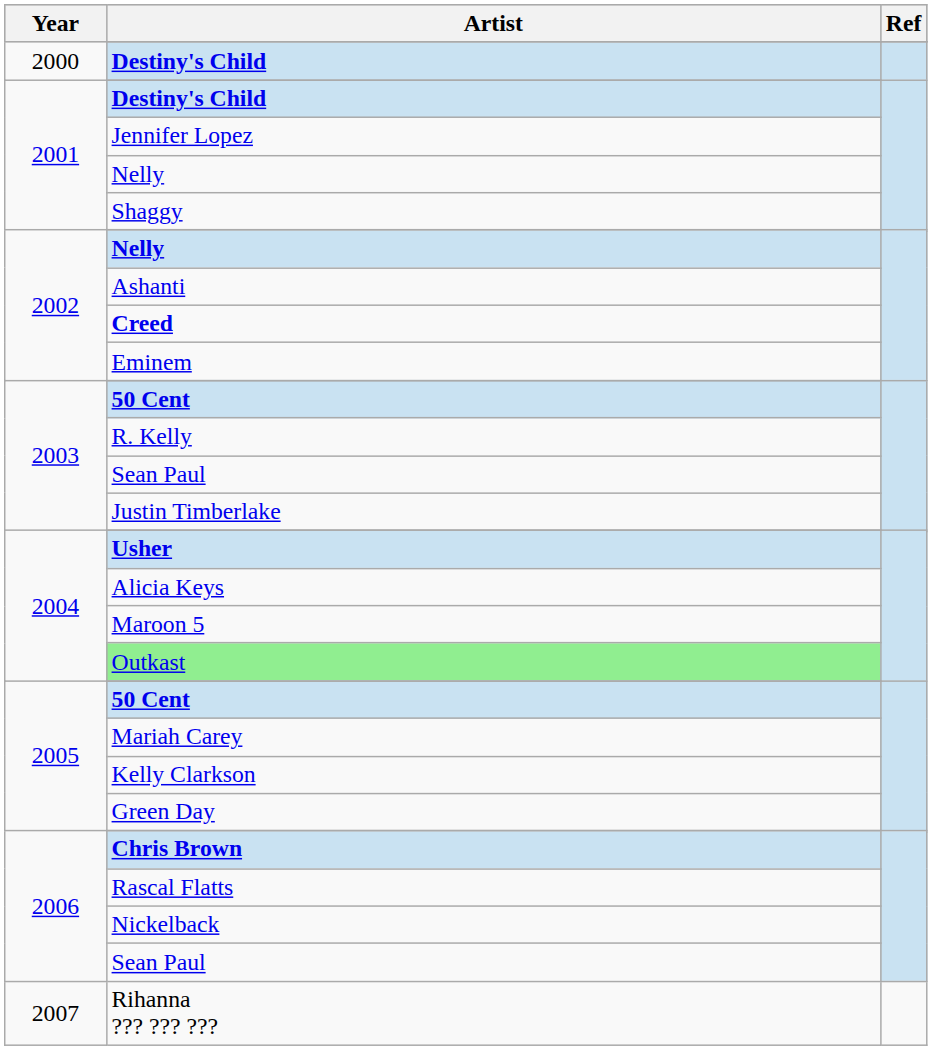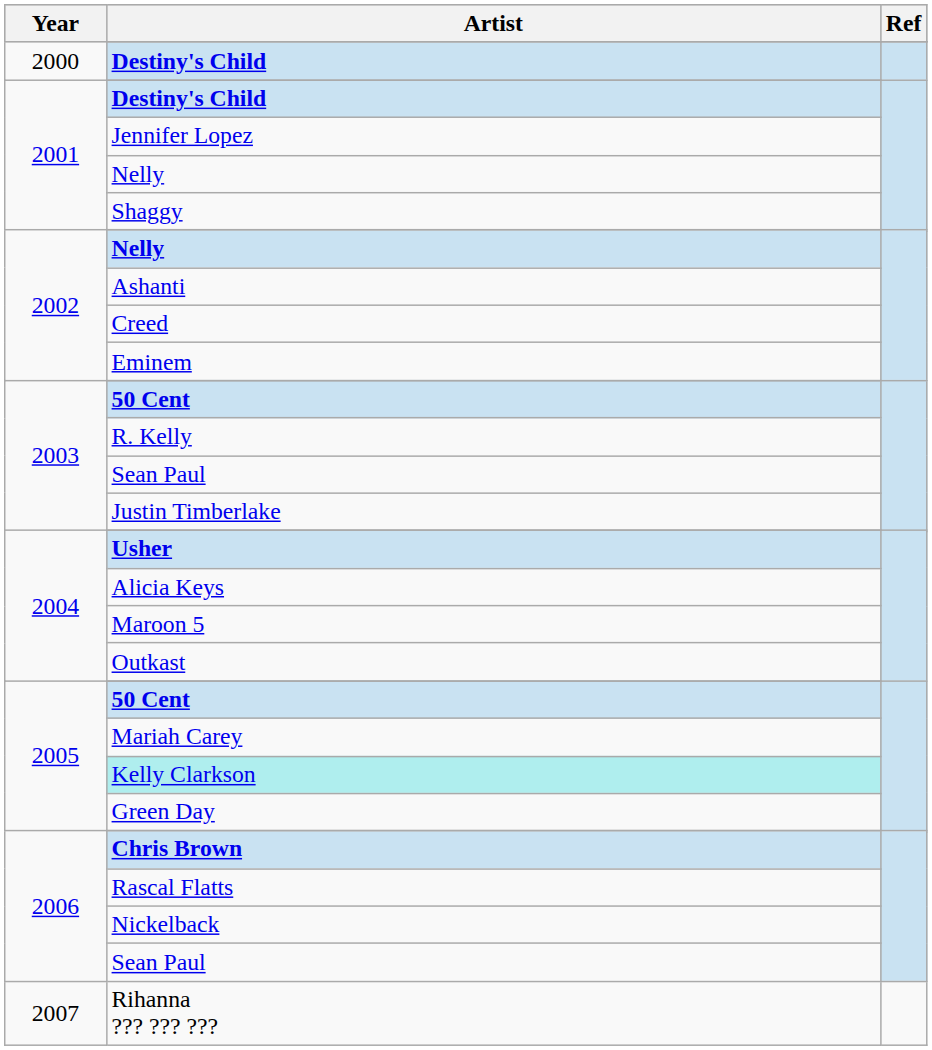 <table class="wikitable" style="width:100%;">
 <tr style="background:#bebebe;">
 <th style="width:11%;">Year</th>
 <th style="width:84%;">Artist</th>
 <th style="width:5%;">Ref</th>
 </tr>
 <tr>
 <td rowspan="2" align="center">2000</td>
 </tr>
 <tr style="background:#c9e2f2">
 <td><strong><a href='#'>Destiny's Child</a></strong></td>
 <td rowspan="2" align="center"></td>
 </tr>
 <tr>
 <td rowspan="5" align="center"><a href='#'>2001</a></td>
 </tr>
 <tr style="background:#c9e2f2">
 <td><strong><a href='#'>Destiny's Child</a></strong></td>
 <td rowspan="5" align="center"></td>
 </tr>
 <tr>
 <td><a href='#'>Jennifer Lopez</a></td>
 </tr>
 <tr>
 <td><a href='#'>Nelly</a></td>
 </tr>
 <tr>
 <td><a href='#'>Shaggy</a></td>
 </tr>
 <tr>
 <td rowspan="5" align="center"><a href='#'>2002</a></td>
 </tr>
 <tr style="background:#c9e2f2">
 <td><strong><a href='#'>Nelly</a></strong></td>
 <td rowspan="5" align="center"></td>
 </tr>
 <tr>
 <td><a href='#'>Ashanti</a></td>
 </tr>
 <tr>
-<td><strong><a href='#'>Creed</a></strong></td>
+<td><a href='#'>Creed</a></td>
 </tr>
 <tr>
 <td><a href='#'>Eminem</a></td>
 </tr>
 <tr>
 <td rowspan="5" align="center"><a href='#'>2003</a></td>
 </tr>
 <tr style="background:#c9e2f2">
 <td><strong><a href='#'>50 Cent</a></strong></td>
 <td rowspan="5" align="center"></td>
 </tr>
 <tr>
 <td><a href='#'>R. Kelly</a></td>
 </tr>
 <tr>
 <td><a href='#'>Sean Paul</a></td>
 </tr>
 <tr>
 <td><a href='#'>Justin Timberlake</a></td>
 </tr>
 <tr>
 <td rowspan="5" align="center"><a href='#'>2004</a></td>
 </tr>
 <tr style="background:#c9e2f2">
 <td><strong><a href='#'>Usher</a></strong></td>
 <td rowspan="5" align="center"></td>
 </tr>
 <tr>
 <td><a href='#'>Alicia Keys</a></td>
 </tr>
 <tr>
 <td><a href='#'>Maroon 5</a></td>
 </tr>
 <tr>
-<td style="background: lightgreen;"><a href='#'>Outkast</a></td>
+<td><a href='#'>Outkast</a></td>
 </tr>
 <tr>
 <td rowspan="5" align="center"><a href='#'>2005</a></td>
 </tr>
 <tr style="background:#c9e2f2">
 <td><strong><a href='#'>50 Cent</a></strong></td>
 <td rowspan="5" align="center"></td>
 </tr>
 <tr>
 <td><a href='#'>Mariah Carey</a></td>
 </tr>
 <tr>
-<td><a href='#'>Kelly Clarkson</a></td>
+<td style="background: paleturquoise;"><a href='#'>Kelly Clarkson</a></td>
 </tr>
 <tr>
 <td><a href='#'>Green Day</a></td>
 </tr>
 <tr>
 <td rowspan="5" align="center"><a href='#'>2006</a></td>
 </tr>
 <tr style="background:#c9e2f2">
 <td><strong><a href='#'>Chris Brown</a></strong></td>
 <td rowspan="4" align="center"></td>
 </tr>
 <tr>
 <td><a href='#'>Rascal Flatts</a></td>
 </tr>
 <tr>
 <td><a href='#'>Nickelback</a></td>
 </tr>
 <tr>
 <td><a href='#'>Sean Paul</a></td>
 </tr>
 <tr>
 <td align="center">2007</td>
 <td>Rihanna<br>??? ??? ???</td>
 <td></td>
 </tr>
 </table>
